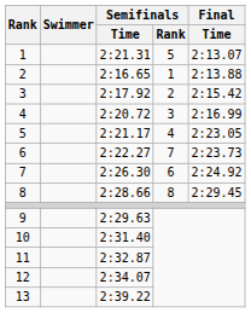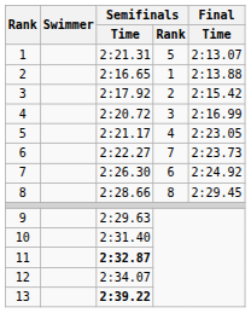 <table class="wikitable" style="text-align:center;">
 <tr>
 <th rowspan="2">Rank</th>
 <th rowspan="2">Swimmer</th>
 <th colspan="2">Semifinals</th>
 <th>Final</th>
 </tr>
 <tr>
 <th>Time</th>
 <th>Rank</th>
 <th>Time</th>
 </tr>
 <tr>
 <td>1</td>
 <td align="left"></td>
 <td>2:21.31</td>
 <td>5</td>
 <td>2:13.07</td>
 </tr>
 <tr>
 <td>2</td>
 <td align=left></td>
 <td>2:16.65</td>
 <td>1</td>
 <td>2:13.88</td>
 </tr>
 <tr>
 <td>3</td>
 <td align=left></td>
 <td>2:17.92</td>
 <td>2</td>
 <td>2:15.42</td>
 </tr>
 <tr>
 <td>4</td>
 <td align=left></td>
 <td>2:20.72</td>
 <td>3</td>
 <td>2:16.99</td>
 </tr>
 <tr>
 <td>5</td>
 <td align=left></td>
 <td>2:21.17</td>
 <td>4</td>
 <td>2:23.05</td>
 </tr>
 <tr>
 <td>6</td>
 <td align=left></td>
 <td>2:22.27</td>
 <td>7</td>
 <td>2:23.73</td>
 </tr>
 <tr>
 <td>7</td>
 <td align=left></td>
 <td>2:26.30</td>
 <td>6</td>
 <td>2:24.92</td>
 </tr>
 <tr>
 <td>8</td>
 <td align=left></td>
 <td>2:28.66</td>
 <td>8</td>
 <td>2:29.45</td>
 </tr>
 <tr>
 <td colspan=5 bgcolor=lightgray></td>
 </tr>
 <tr>
 <td>9</td>
 <td align="left"></td>
 <td>2:29.63</td>
 <td colspan="2" rowspan=10></td>
 </tr>
 <tr>
 <td>10</td>
 <td align="left"></td>
 <td>2:31.40</td>
 </tr>
 <tr>
 <td>11</td>
 <td align="left"></td>
-<td>2:32.87</td>
+<td><strong>2:32.87</strong></td>
 </tr>
 <tr>
 <td>12</td>
 <td align="left"></td>
 <td>2:34.07</td>
 </tr>
 <tr>
 <td>13</td>
 <td align="left"></td>
-<td>2:39.22</td>
+<td><strong>2:39.22</strong></td>
 </tr>
 </table>
